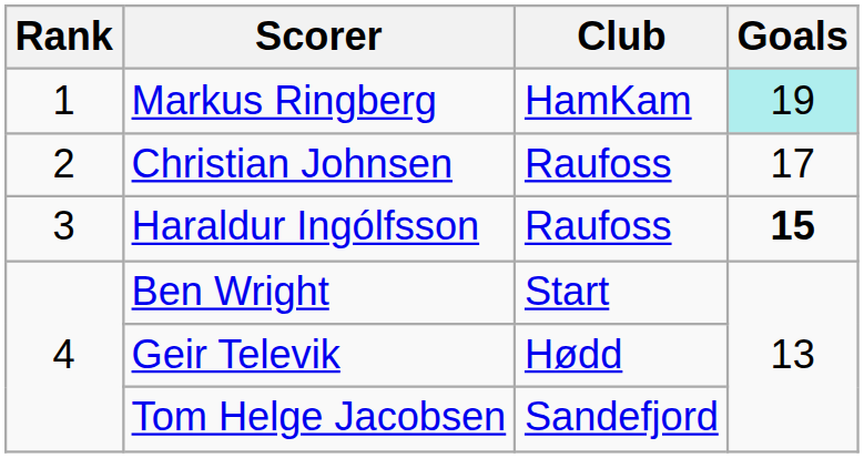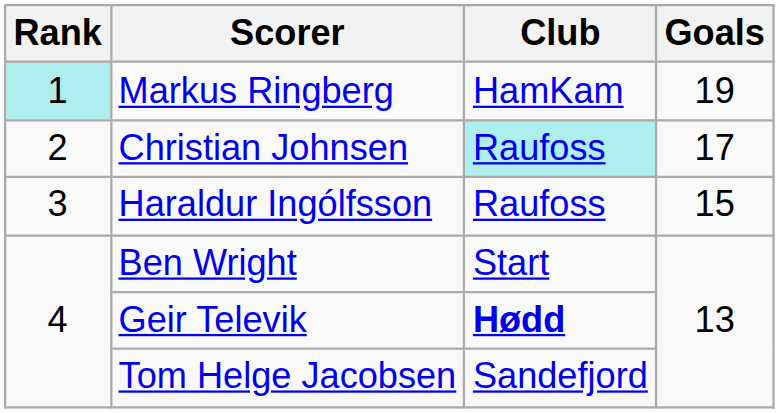 <table class="wikitable">
 <tr>
 <th>Rank</th>
 <th>Scorer</th>
 <th>Club</th>
 <th>Goals</th>
 </tr>
 <tr>
-<td align=center>1</td>
+<td align=center style="background: paleturquoise;">1</td>
 <td> <a href='#'>Markus Ringberg</a></td>
 <td><a href='#'>HamKam</a></td>
-<td align=center style="background: paleturquoise;">19</td>
+<td align=center>19</td>
 </tr>
 <tr>
 <td align=center>2</td>
 <td> <a href='#'>Christian Johnsen</a></td>
-<td><a href='#'>Raufoss</a></td>
+<td style="background: paleturquoise;"><a href='#'>Raufoss</a></td>
 <td align=center>17</td>
 </tr>
 <tr>
 <td align=center>3</td>
 <td> <a href='#'>Haraldur Ingólfsson</a></td>
 <td><a href='#'>Raufoss</a></td>
-<td align=center><strong>15</strong></td>
+<td align=center>15</td>
 </tr>
 <tr>
 <td rowspan=3 align=center>4</td>
 <td> <a href='#'>Ben Wright</a></td>
 <td><a href='#'>Start</a></td>
 <td rowspan=3 align=center>13</td>
 </tr>
 <tr>
 <td> <a href='#'>Geir Televik</a></td>
-<td><a href='#'>Hødd</a></td>
+<td><strong><a href='#'>Hødd</a></strong></td>
 </tr>
 <tr>
 <td> <a href='#'>Tom Helge Jacobsen</a></td>
 <td><a href='#'>Sandefjord</a></td>
 </tr>
 </table>
